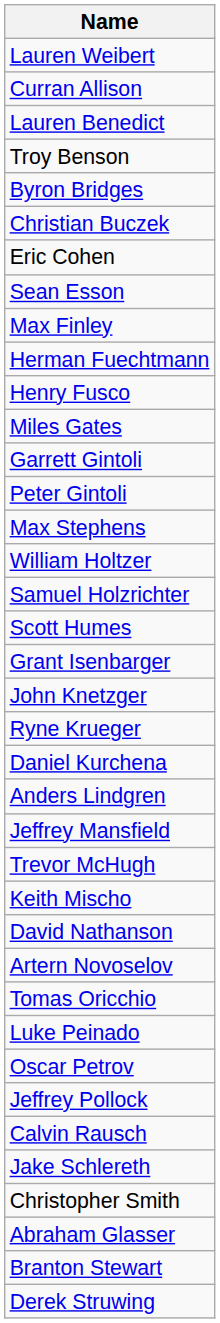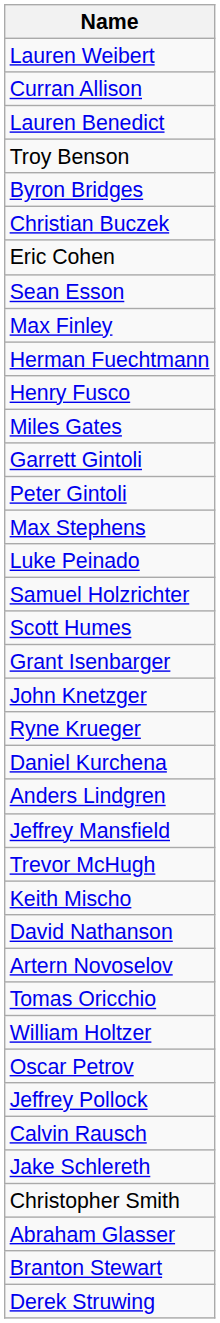 <table class="wikitable sortable" style="font-size: 95%;">
 <tr>
 <th>Name</th>
 </tr>
 <tr>
 <td><a href='#'>Lauren Weibert</a></td>
 </tr>
 <tr>
 <td><a href='#'>Curran Allison</a></td>
 </tr>
 <tr>
 <td><a href='#'>Lauren Benedict</a></td>
 </tr>
 <tr>
 <td>Troy Benson</td>
 </tr>
 <tr>
 <td><a href='#'>Byron Bridges</a></td>
 </tr>
 <tr>
 <td><a href='#'>Christian Buczek</a></td>
 </tr>
 <tr>
 <td>Eric Cohen</td>
 </tr>
 <tr>
 <td><a href='#'>Sean Esson</a></td>
 </tr>
 <tr>
 <td><a href='#'>Max Finley</a></td>
 </tr>
 <tr>
 <td><a href='#'>Herman Fuechtmann</a></td>
 </tr>
 <tr>
 <td><a href='#'>Henry Fusco</a></td>
 </tr>
 <tr>
 <td><a href='#'>Miles Gates</a></td>
 </tr>
 <tr>
 <td><a href='#'>Garrett Gintoli</a></td>
 </tr>
 <tr>
 <td><a href='#'>Peter Gintoli</a></td>
 </tr>
 <tr>
 <td><a href='#'>Max Stephens</a></td>
 </tr>
 <tr>
-<td><a href='#'>William Holtzer</a></td>
+<td><a href='#'>Luke Peinado</a></td>
 </tr>
 <tr>
 <td><a href='#'>Samuel Holzrichter</a></td>
 </tr>
 <tr>
 <td><a href='#'>Scott Humes</a></td>
 </tr>
 <tr>
 <td><a href='#'>Grant Isenbarger</a></td>
 </tr>
 <tr>
 <td><a href='#'>John Knetzger</a></td>
 </tr>
 <tr>
 <td><a href='#'>Ryne Krueger</a></td>
 </tr>
 <tr>
 <td><a href='#'>Daniel Kurchena</a></td>
 </tr>
 <tr>
 <td><a href='#'>Anders Lindgren</a></td>
 </tr>
 <tr>
 <td><a href='#'>Jeffrey Mansfield</a></td>
 </tr>
 <tr>
 <td><a href='#'>Trevor McHugh</a></td>
 </tr>
 <tr>
 <td><a href='#'>Keith Mischo</a></td>
 </tr>
 <tr>
 <td><a href='#'>David Nathanson</a></td>
 </tr>
 <tr>
 <td><a href='#'>Artern Novoselov</a></td>
 </tr>
 <tr>
 <td><a href='#'>Tomas Oricchio</a></td>
 </tr>
 <tr>
-<td><a href='#'>Luke Peinado</a></td>
+<td><a href='#'>William Holtzer</a></td>
 </tr>
 <tr>
 <td><a href='#'>Oscar Petrov</a></td>
 </tr>
 <tr>
 <td><a href='#'>Jeffrey Pollock</a></td>
 </tr>
 <tr>
 <td><a href='#'>Calvin Rausch</a></td>
 </tr>
 <tr>
 <td><a href='#'>Jake Schlereth</a></td>
 </tr>
 <tr>
 <td>Christopher Smith</td>
 </tr>
 <tr>
 <td><a href='#'>Abraham Glasser</a></td>
 </tr>
 <tr>
 <td><a href='#'>Branton Stewart</a></td>
 </tr>
 <tr>
 <td><a href='#'>Derek Struwing</a></td>
 </tr>
 </table>
